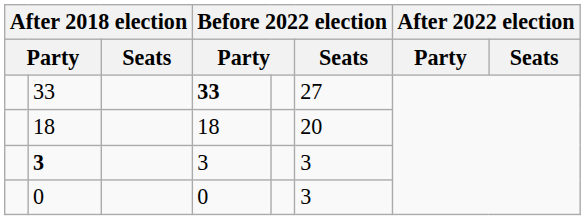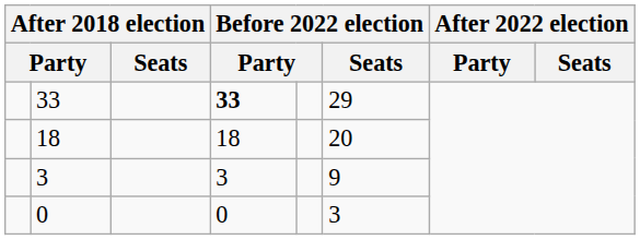 <table class="wikitable">
 <tr>
 <th colspan="3">After 2018 election</th>
 <th colspan="3">Before 2022 election</th>
 <th colspan="3">After 2022 election</th>
 </tr>
 <tr>
 <th colspan="2">Party</th>
 <th>Seats</th>
 <th colspan="2">Party</th>
 <th>Seats</th>
 <th colspan="2">Party</th>
 <th>Seats</th>
 </tr>
 <tr>
 <td></td>
 <td>33</td>
 <td></td>
 <td><strong>33</strong></td>
 <td></td>
-<td>27</td>
+<td>29</td>
 </tr>
 <tr>
 <td></td>
 <td>18</td>
 <td></td>
 <td>18</td>
 <td></td>
 <td>20</td>
 </tr>
 <tr>
 <td></td>
-<td><strong>3</strong></td>
+<td>3</td>
 <td></td>
 <td>3</td>
 <td></td>
-<td>3</td>
+<td>9</td>
 </tr>
 <tr>
 <td></td>
 <td>0</td>
 <td></td>
 <td>0</td>
 <td></td>
 <td>3</td>
 </tr>
 </table>
